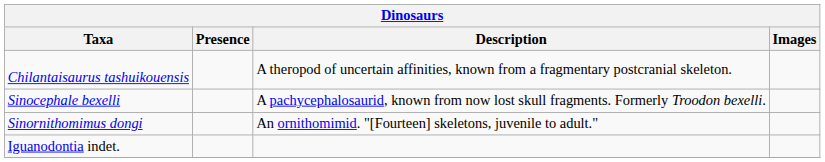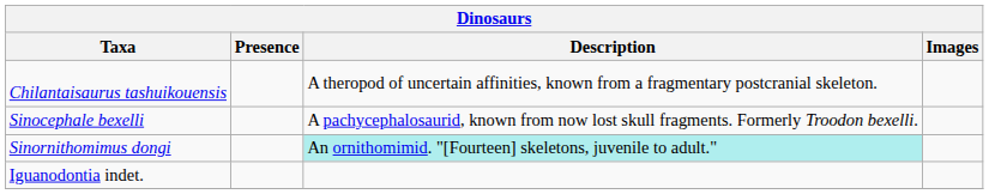 <table class="wikitable" align="center">
 <tr>
 <th colspan="5" align="center"><strong><a href='#'>Dinosaurs</a></strong></th>
 </tr>
 <tr>
 <th>Taxa</th>
 <th>Presence</th>
 <th>Description</th>
 <th>Images</th>
 </tr>
 <tr>
 <td><br><em><a href='#'>Chilantaisaurus tashuikouensis</a></em></td>
 <td></td>
 <td>A theropod of uncertain affinities, known from a fragmentary postcranial skeleton.</td>
 <td></td>
 </tr>
 <tr>
 <td><em><a href='#'>Sinocephale bexelli</a></em></td>
 <td></td>
 <td>A <a href='#'>pachycephalosaurid</a>, known from now lost skull fragments. Formerly <em>Troodon bexelli</em>.</td>
 <td></td>
 </tr>
 <tr>
 <td><em><a href='#'>Sinornithomimus dongi</a></em></td>
 <td></td>
-<td>An <a href='#'>ornithomimid</a>. "[Fourteen] skeletons, juvenile to adult."</td>
+<td style="background: paleturquoise;">An <a href='#'>ornithomimid</a>. "[Fourteen] skeletons, juvenile to adult."</td>
 <td></td>
 </tr>
 <tr>
 <td><a href='#'>Iguanodontia</a> indet.</td>
 <td></td>
 <td></td>
 <td></td>
 </tr>
 <tr>
 </tr>
 </table>
